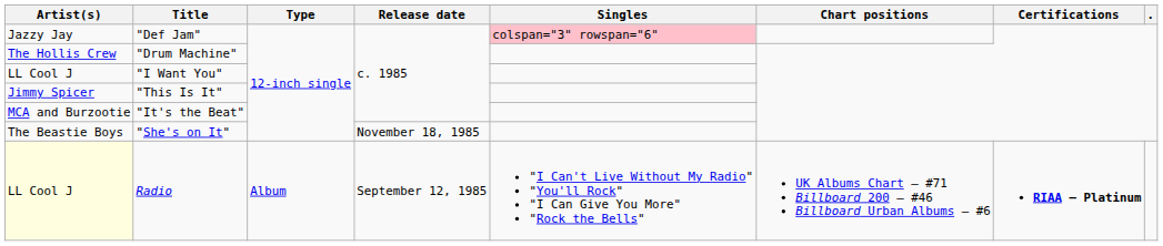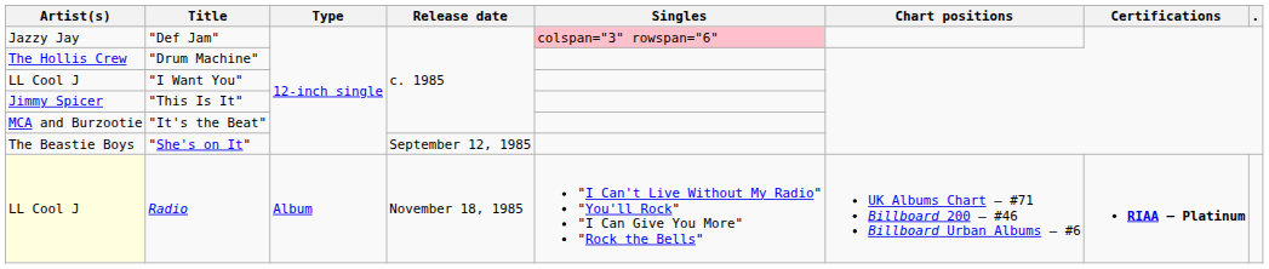 <table class="wikitable">
 <tr>
 <th>Artist(s)</th>
 <th>Title</th>
 <th>Type</th>
 <th>Release date</th>
 <th>Singles</th>
 <th>Chart positions</th>
 <th>Certifications</th>
 <th>.</th>
 </tr>
 <tr>
 <td>Jazzy Jay</td>
 <td>"Def Jam"</td>
 <td rowspan="6"><a href='#'>12-inch single</a></td>
 <td rowspan="5">c. 1985</td>
 <td style="background: pink;">colspan="3" rowspan="6" </td>
 <td></td>
 </tr>
 <tr>
 <td><a href='#'>The Hollis Crew</a></td>
 <td>"Drum Machine"</td>
 <td></td>
 </tr>
 <tr>
 <td>LL Cool J</td>
 <td>"I Want You"</td>
 <td></td>
 </tr>
 <tr>
 <td><a href='#'>Jimmy Spicer</a></td>
 <td>"This Is It"</td>
 <td></td>
 </tr>
 <tr>
 <td><a href='#'>MCA</a> and Burzootie</td>
 <td>"It's the Beat"</td>
 <td></td>
 </tr>
 <tr>
 <td>The Beastie Boys</td>
 <td>"<a href='#'>She's on It</a>"</td>
-<td>November 18, 1985</td>
+<td>September 12, 1985</td>
 <td></td>
 </tr>
 <tr>
 <td style="background: lightyellow;">LL Cool J</td>
 <td><a href='#'><em>Radio</em></a></td>
 <td><a href='#'>Album</a></td>
-<td>September 12, 1985</td>
+<td>November 18, 1985</td>
 <td><br><ul><li>"<a href='#'>I Can't Live Without My Radio</a>"</li><li>"<a href='#'>You'll Rock</a>"</li><li>"I Can Give You More"</li><li>"<a href='#'>Rock the Bells</a>"</li></ul></td>
 <td><br><ul><li><a href='#'>UK Albums Chart</a> – #71</li><li><a href='#'><em>Billboard</em> 200</a> – #46</li><li><a href='#'><em>Billboard</em> Urban Albums</a> – #6</li></ul></td>
 <td><strong><br><ul><li><a href='#'>RIAA</a> – Platinum</li></ul></strong></td>
 <td></td>
 </tr>
 </table>
